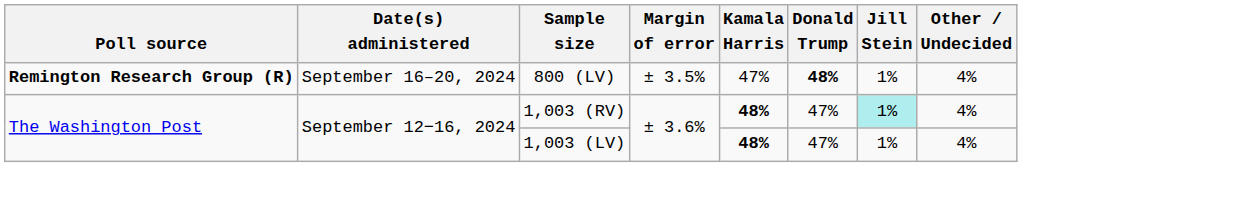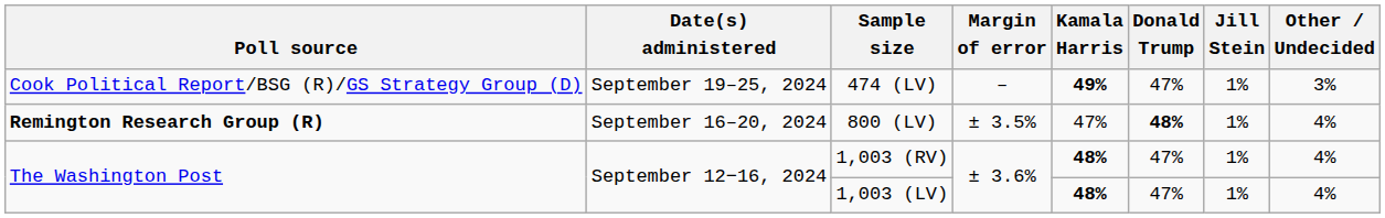 <table class="wikitable sortable mw-datatable" style="font-size:90%;text-align:center;line-height:17px">
 <tr valign=bottom>
 <th>Poll source</th>
 <th>Date(s)<br>administered</th>
 <th>Sample<br>size</th>
 <th>Margin<br>of error</th>
 <th class="unsortable">Kamala<br>Harris<br></th>
 <th class="unsortable">Donald<br>Trump<br></th>
 <th class="unsortable">Jill<br>Stein<br></th>
 <th class="unsortable">Other /<br>Undecided</th>
+</tr>
+<tr>
+<td style="text-align:left;"><a href='#'>Cook Political Report</a>/BSG (R)/<a href='#'>GS Strategy Group (D)</a></td>
+<td data-sort-value="2024-09-25">September 19–25, 2024</td>
+<td>474 (LV)</td>
+<td>–</td>
+<td style="color:black;background-color:"><strong>49%</strong></td>
+<td>47%</td>
+<td>1%</td>
+<td>3%</td>
 </tr>
 <tr>
 <td style="text-align:left;"><strong>Remington Research Group (R)</strong></td>
 <td data-sort-value="2024-09-20">September 16–20, 2024</td>
 <td>800 (LV)</td>
 <td>± 3.5%</td>
 <td>47%</td>
 <td style="background-color:"><strong>48%</strong></td>
 <td>1%</td>
 <td>4%</td>
 </tr>
 <tr>
 <td style="text-align:left;" rowspan="2"><a href='#'>The Washington Post</a></td>
 <td rowspan="2">September 12−16, 2024</td>
 <td>1,003 (RV)</td>
 <td rowspan="2">± 3.6%</td>
 <td style="color:black;background-color:"><strong>48%</strong></td>
 <td>47%</td>
-<td style="background: paleturquoise;">1%</td>
+<td>1%</td>
 <td>4%</td>
 </tr>
 <tr>
 <td>1,003 (LV)</td>
 <td style="color:black;background-color:"><strong>48%</strong></td>
 <td>47%</td>
 <td>1%</td>
 <td>4%</td>
 </tr>
 </table>
